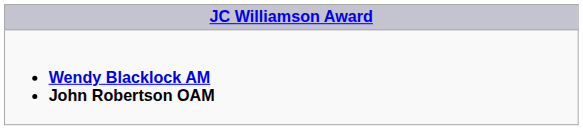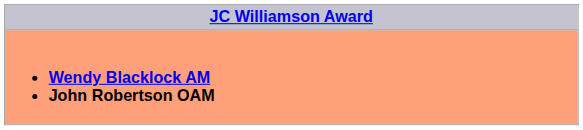 <table class=wikitable width="45%" border="1" cellpadding="5" cellspacing="0" align="centre">
 <tr>
 <th style="background:#C4C3D0;width:50%"><a href='#'>JC Williamson Award</a></th>
 </tr>
 <tr>
-<td valign="top"><br><ul><li><strong><a href='#'>Wendy Blacklock AM</a></strong></li><li><strong>John Robertson OAM</strong></li></ul></td>
+<td valign="top" style="background: lightsalmon;"><br><ul><li><strong><a href='#'>Wendy Blacklock AM</a></strong></li><li><strong>John Robertson OAM</strong></li></ul></td>
 </tr>
 </table>
